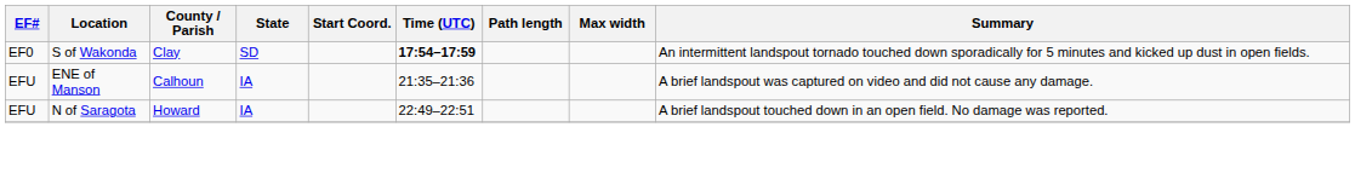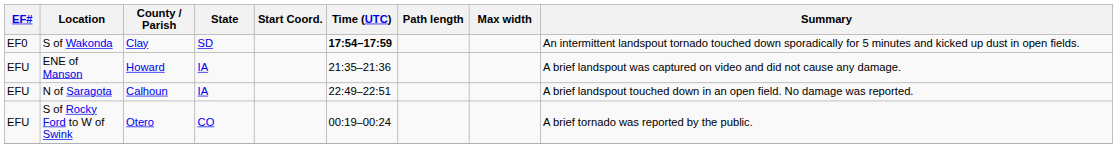 <table class="wikitable sortable" style="width:100%;">
 <tr>
 <th scope="col"  style="width:3%; text-align:center;"><a href='#'>EF#</a></th>
 <th scope="col"  style="width:7%; text-align:center;" class="unsortable">Location</th>
 <th scope="col"  style="width:6%; text-align:center;" class="unsortable">County / Parish</th>
 <th scope="col"  style="width:5%; text-align:center;">State</th>
 <th scope="col"  style="width:6%; text-align:center;">Start Coord.</th>
 <th scope="col"  style="width:6%; text-align:center;">Time (<a href='#'>UTC</a>)</th>
 <th scope="col"  style="width:6%; text-align:center;">Path length</th>
 <th scope="col"  style="width:6%; text-align:center;">Max width</th>
 <th scope="col" class="unsortable" style="width:48%; text-align:center;">Summary</th>
 </tr>
 <tr>
 <td>EF0</td>
 <td>S of <a href='#'>Wakonda</a></td>
 <td><a href='#'>Clay</a></td>
 <td><a href='#'>SD</a></td>
 <td></td>
 <td><strong>17:54–17:59</strong></td>
 <td></td>
 <td></td>
 <td>An intermittent landspout tornado touched down sporadically for 5 minutes and kicked up dust in open fields.</td>
 </tr>
 <tr>
 <td>EFU</td>
 <td>ENE of <a href='#'>Manson</a></td>
-<td><a href='#'>Calhoun</a></td>
+<td><a href='#'>Howard</a></td>
 <td><a href='#'>IA</a></td>
 <td></td>
 <td>21:35–21:36</td>
 <td></td>
 <td></td>
 <td>A brief landspout was captured on video and did not cause any damage.</td>
 </tr>
 <tr>
 <td>EFU</td>
 <td>N of <a href='#'>Saragota</a></td>
-<td><a href='#'>Howard</a></td>
+<td><a href='#'>Calhoun</a></td>
 <td><a href='#'>IA</a></td>
 <td></td>
 <td>22:49–22:51</td>
 <td></td>
 <td></td>
 <td>A brief landspout touched down in an open field. No damage was reported.</td>
 </tr>
 <tr>
+<td>EFU</td>
+<td>S of <a href='#'>Rocky Ford</a> to W of <a href='#'>Swink</a></td>
+<td><a href='#'>Otero</a></td>
+<td><a href='#'>CO</a></td>
+<td></td>
+<td>00:19–00:24</td>
+<td></td>
+<td></td>
+<td>A brief tornado was reported by the public.</td>
+</tr>
+<tr>
 </tr>
 </table>
